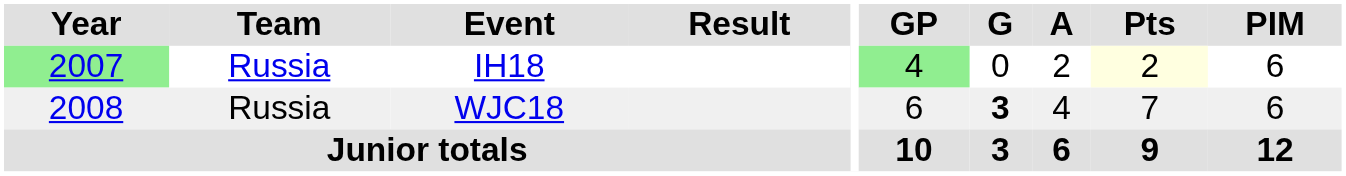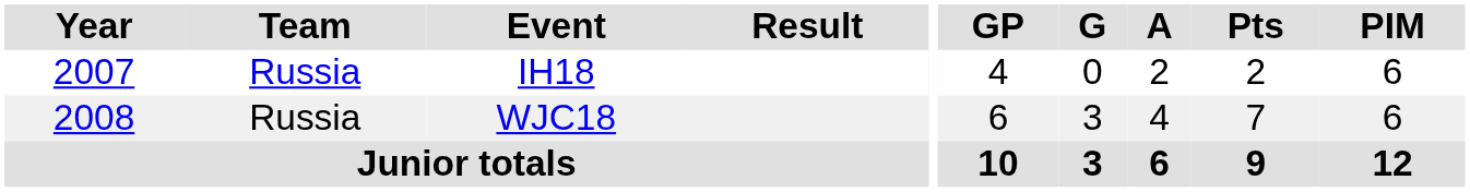 <table border="0" cellpadding="1" cellspacing="0" ID="Table3" style="text-align:center; width:40em">
 <tr ALIGN="center" bgcolor="#e0e0e0">
 <th>Year</th>
 <th>Team</th>
 <th>Event</th>
 <th>Result</th>
 <th rowspan="99" bgcolor="#ffffff"></th>
 <th>GP</th>
 <th>G</th>
 <th>A</th>
 <th>Pts</th>
 <th>PIM</th>
 </tr>
 <tr>
-<td style="background: lightgreen;"><a href='#'>2007</a></td>
+<td><a href='#'>2007</a></td>
 <td><a href='#'>Russia</a></td>
 <td><a href='#'>IH18</a></td>
 <td></td>
-<td style="background: lightgreen;">4</td>
+<td>4</td>
 <td>0</td>
 <td>2</td>
-<td style="background: lightyellow;">2</td>
+<td>2</td>
 <td>6</td>
 </tr>
 <tr ALIGN="center" bgcolor="#f0f0f0">
 <td><a href='#'>2008</a></td>
 <td>Russia</td>
 <td><a href='#'>WJC18</a></td>
 <td></td>
 <td>6</td>
-<td><strong>3</strong></td>
+<td>3</td>
 <td>4</td>
 <td>7</td>
 <td>6</td>
 </tr>
 <tr bgcolor="#e0e0e0">
 <th colspan="4">Junior totals</th>
 <th>10</th>
 <th>3</th>
 <th>6</th>
 <th>9</th>
 <th>12</th>
 </tr>
 </table>
